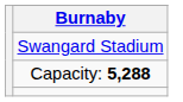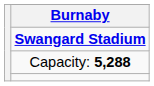 <table class="wikitable" style="text-align:center">
 <tr>
 <th rowspan="8"></th>
 </tr>
 <tr>
 <th><a href='#'>Burnaby</a></th>
 </tr>
 <tr>
-<td><a href='#'>Swangard Stadium</a></td>
+<td><strong><a href='#'>Swangard Stadium</a></strong></td>
 </tr>
 <tr>
 <td>Capacity: <strong>5,288</strong></td>
 </tr>
 <tr>
 <td></td>
 </tr>
 </table>
